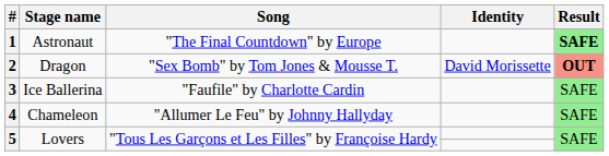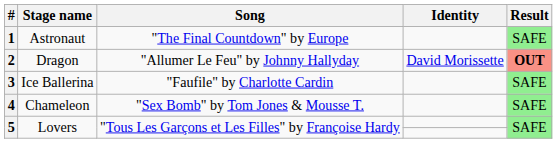 <table class="wikitable plainrowheaders" style="text-align: center">
 <tr>
 <th>#</th>
 <th>Stage name</th>
 <th>Song</th>
 <th>Identity</th>
 <th>Result</th>
 </tr>
 <tr>
 <th>1</th>
 <td>Astronaut</td>
 <td>"<a href='#'>The Final Countdown</a>" by <a href='#'>Europe</a></td>
 <td></td>
-<td bgcolor="lightgreen"><strong>SAFE</strong></td>
+<td bgcolor="lightgreen">SAFE</td>
 </tr>
 <tr>
 <th>2</th>
 <td>Dragon</td>
-<td>"<a href='#'>Sex Bomb</a>" by <a href='#'>Tom Jones</a> & <a href='#'>Mousse T.</a></td>
+<td>"Allumer Le Feu" by <a href='#'>Johnny Hallyday</a></td>
 <td><a href='#'>David Morissette</a></td>
 <td bgcolor="#F99185"><strong>OUT</strong></td>
 </tr>
 <tr>
 <th>3</th>
 <td>Ice Ballerina</td>
 <td>"Faufile" by <a href='#'>Charlotte Cardin</a></td>
 <td></td>
 <td bgcolor="lightgreen">SAFE</td>
 </tr>
 <tr>
 <th>4</th>
 <td>Chameleon</td>
-<td>"Allumer Le Feu" by <a href='#'>Johnny Hallyday</a></td>
+<td>"<a href='#'>Sex Bomb</a>" by <a href='#'>Tom Jones</a> & <a href='#'>Mousse T.</a></td>
 <td></td>
 <td bgcolor="lightgreen">SAFE</td>
 </tr>
 <tr>
 <th rowspan="2">5</th>
 <td rowspan="2">Lovers</td>
 <td rowspan="2">"<a href='#'>Tous Les Garçons et Les Filles</a>" by <a href='#'>Françoise Hardy</a></td>
 <td></td>
 <td rowspan="2" bgcolor="lightgreen">SAFE</td>
 </tr>
 <tr>
 <td></td>
 </tr>
 </table>
